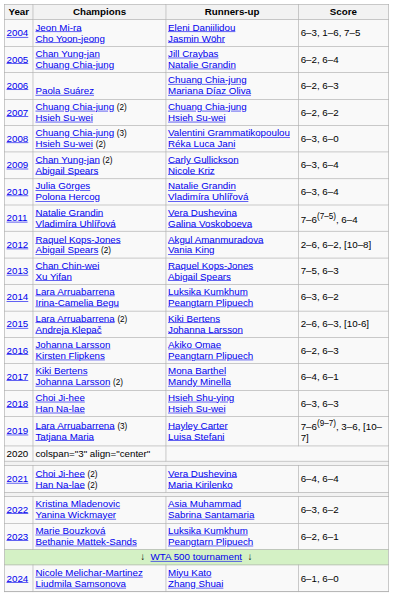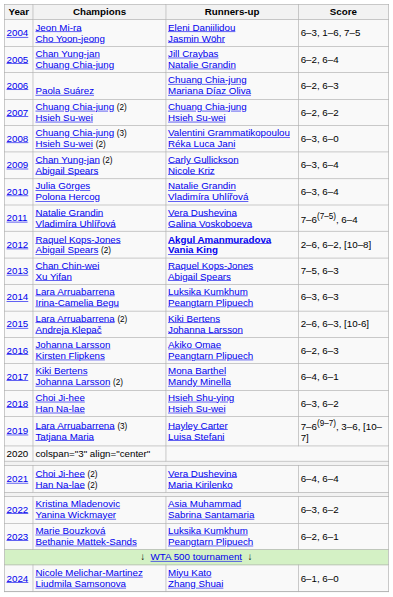 <table class="wikitable">
 <tr>
 <th style="width:40px">Year</th>
 <th style="width:210px">Champions</th>
 <th style="width:210px">Runners-up</th>
 <th style="width:140px" class="unsortable">Score</th>
 </tr>
 <tr>
 <td><a href='#'>2004</a></td>
 <td> <a href='#'>Jeon Mi-ra</a> <br>  <a href='#'>Cho Yoon-jeong</a></td>
 <td> <a href='#'>Eleni Daniilidou</a> <br>  <a href='#'>Jasmin Wöhr</a></td>
 <td>6–3, 1–6, 7–5</td>
 </tr>
 <tr>
 <td><a href='#'>2005</a></td>
 <td> <a href='#'>Chan Yung-jan</a> <br>  <a href='#'>Chuang Chia-jung</a></td>
 <td> <a href='#'>Jill Craybas</a> <br>  <a href='#'>Natalie Grandin</a></td>
 <td>6–2, 6–4</td>
 </tr>
 <tr>
 <td><a href='#'>2006</a></td>
 <td> <br>  <a href='#'>Paola Suárez</a></td>
 <td> <a href='#'>Chuang Chia-jung</a> <br>  <a href='#'>Mariana Díaz Oliva</a></td>
 <td>6–2, 6–3</td>
 </tr>
 <tr>
 <td><a href='#'>2007</a></td>
 <td> <a href='#'>Chuang Chia-jung</a> <small> (2) </small> <br>  <a href='#'>Hsieh Su-wei</a></td>
 <td> <a href='#'>Chuang Chia-jung</a> <br>  <a href='#'>Hsieh Su-wei</a></td>
 <td>6–2, 6–2</td>
 </tr>
 <tr>
 <td><a href='#'>2008</a></td>
 <td> <a href='#'>Chuang Chia-jung</a> <small> (3) </small> <br>  <a href='#'>Hsieh Su-wei</a> <small> (2) </small></td>
 <td> <a href='#'>Valentini Grammatikopoulou</a> <br>  <a href='#'>Réka Luca Jani</a></td>
 <td>6–3, 6–0</td>
 </tr>
 <tr>
 <td><a href='#'>2009</a></td>
 <td> <a href='#'>Chan Yung-jan</a> <small> (2) </small> <br>  <a href='#'>Abigail Spears</a></td>
 <td> <a href='#'>Carly Gullickson</a> <br>  <a href='#'>Nicole Kriz</a></td>
 <td>6–3, 6–4</td>
 </tr>
 <tr>
 <td><a href='#'>2010</a></td>
 <td> <a href='#'>Julia Görges</a> <br>  <a href='#'>Polona Hercog</a></td>
 <td> <a href='#'>Natalie Grandin</a> <br>  <a href='#'>Vladimíra Uhlířová</a></td>
 <td>6–3, 6–4</td>
 </tr>
 <tr>
 <td><a href='#'>2011</a></td>
 <td> <a href='#'>Natalie Grandin</a> <br>  <a href='#'>Vladimíra Uhlířová</a></td>
 <td> <a href='#'>Vera Dushevina</a> <br>  <a href='#'>Galina Voskoboeva</a></td>
 <td>7–6<sup>(7–5)</sup>, 6–4</td>
 </tr>
 <tr>
 <td><a href='#'>2012</a></td>
 <td> <a href='#'>Raquel Kops-Jones</a> <br>  <a href='#'>Abigail Spears</a> <small> (2) </small></td>
-<td> <a href='#'>Akgul Amanmuradova</a> <br>  <a href='#'>Vania King</a></td>
+<td><strong> <a href='#'>Akgul Amanmuradova</a> <br>  <a href='#'>Vania King</a></strong></td>
 <td>2–6, 6–2, [10–8]</td>
 </tr>
 <tr>
 <td><a href='#'>2013</a></td>
 <td> <a href='#'>Chan Chin-wei</a> <br>  <a href='#'>Xu Yifan</a></td>
 <td> <a href='#'>Raquel Kops-Jones</a> <br>  <a href='#'>Abigail Spears</a></td>
 <td>7–5, 6–3</td>
 </tr>
 <tr>
 <td><a href='#'>2014</a></td>
 <td> <a href='#'>Lara Arruabarrena</a> <br>  <a href='#'>Irina-Camelia Begu</a></td>
 <td> <a href='#'>Luksika Kumkhum</a><br>  <a href='#'>Peangtarn Plipuech</a></td>
-<td>6–3, 6–2</td>
+<td>6–3, 6–3</td>
 </tr>
 <tr>
 <td><a href='#'>2015</a></td>
 <td> <a href='#'>Lara Arruabarrena</a> <small> (2) </small> <br>  <a href='#'>Andreja Klepač</a></td>
 <td> <a href='#'>Kiki Bertens</a> <br>  <a href='#'>Johanna Larsson</a></td>
 <td>2–6, 6–3, [10-6]</td>
 </tr>
 <tr>
 <td><a href='#'>2016</a></td>
 <td> <a href='#'>Johanna Larsson</a> <br>  <a href='#'>Kirsten Flipkens</a></td>
 <td> <a href='#'>Akiko Omae</a><br>  <a href='#'>Peangtarn Plipuech</a></td>
 <td>6–2, 6–3</td>
 </tr>
 <tr>
 <td><a href='#'>2017</a></td>
 <td> <a href='#'>Kiki Bertens</a> <br>  <a href='#'>Johanna Larsson</a> <small>(2)</small></td>
 <td> <a href='#'>Mona Barthel</a> <br>  <a href='#'>Mandy Minella</a></td>
 <td>6–4, 6–1</td>
 </tr>
 <tr>
 <td><a href='#'>2018</a></td>
 <td> <a href='#'>Choi Ji-hee</a> <br>  <a href='#'>Han Na-lae</a></td>
 <td> <a href='#'>Hsieh Shu-ying</a><br>  <a href='#'>Hsieh Su-wei</a></td>
-<td>6–3, 6–3</td>
+<td>6–3, 6–2</td>
 </tr>
 <tr>
 <td><a href='#'>2019</a></td>
 <td> <a href='#'>Lara Arruabarrena</a> <small> (3) </small> <br>  <a href='#'>Tatjana Maria</a></td>
 <td> <a href='#'>Hayley Carter</a><br>  <a href='#'>Luisa Stefani</a></td>
 <td>7–6<sup>(9–7)</sup>, 3–6, [10–7]</td>
 </tr>
 <tr>
 <td>2020</td>
 <td>colspan="3" align="center" </td>
 </tr>
 <tr>
 <th colspan="4" bgcolor=silver></th>
 </tr>
 <tr>
 <td><a href='#'>2021</a></td>
 <td> <a href='#'>Choi Ji-hee</a> <small>(2)</small> <br>  <a href='#'>Han Na-lae</a> <small>(2)</small></td>
 <td> <a href='#'>Vera Dushevina</a> <br>  <a href='#'>Maria Kirilenko</a></td>
 <td>6–4, 6–4</td>
 </tr>
 <tr>
 <th colspan="4"></th>
 </tr>
 <tr>
 <td><a href='#'>2022</a></td>
 <td> <a href='#'>Kristina Mladenovic</a> <br>  <a href='#'>Yanina Wickmayer</a></td>
 <td> <a href='#'>Asia Muhammad</a><br>  <a href='#'>Sabrina Santamaria</a></td>
 <td>6–3, 6–2</td>
 </tr>
 <tr>
 <td><a href='#'>2023</a></td>
 <td> <a href='#'>Marie Bouzková</a> <br>  <a href='#'>Bethanie Mattek-Sands</a></td>
 <td> <a href='#'>Luksika Kumkhum</a><br>  <a href='#'>Peangtarn Plipuech</a></td>
 <td>6–2, 6–1</td>
 </tr>
 <tr>
 <td colspan="4" align="center" bgcolor=#d4f1c5>↓  <a href='#'>WTA 500 tournament</a>  ↓</td>
 </tr>
 <tr>
 <td><a href='#'>2024</a></td>
 <td> <a href='#'>Nicole Melichar-Martinez</a> <br>  <a href='#'>Liudmila Samsonova</a></td>
 <td> <a href='#'>Miyu Kato</a><br>  <a href='#'>Zhang Shuai</a></td>
 <td>6–1, 6–0</td>
 </tr>
 <tr>
 </tr>
 </table>
